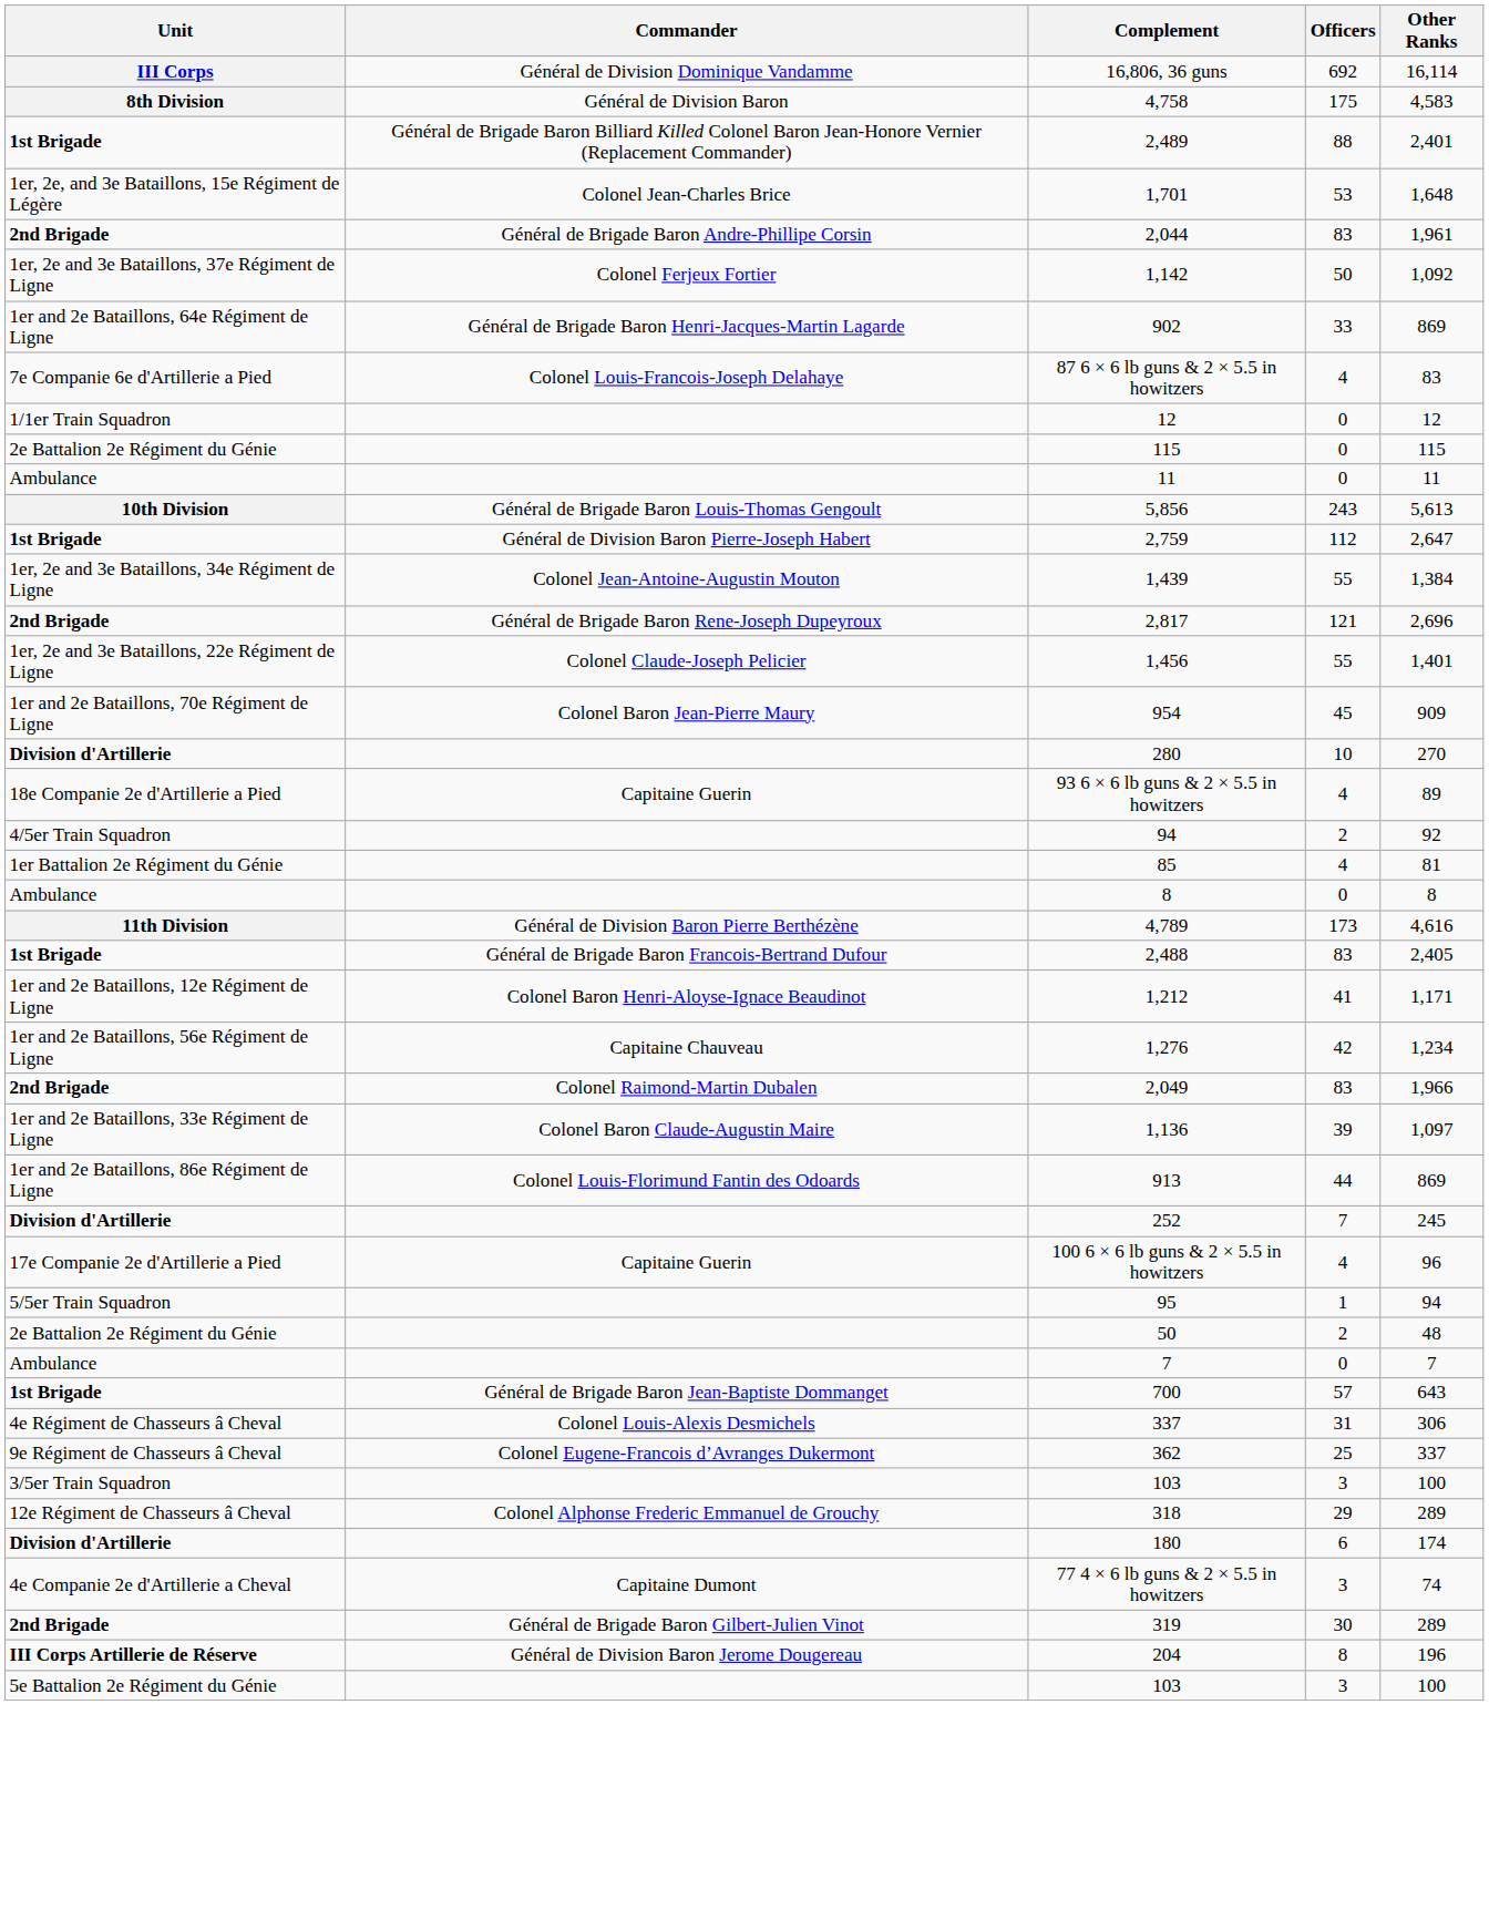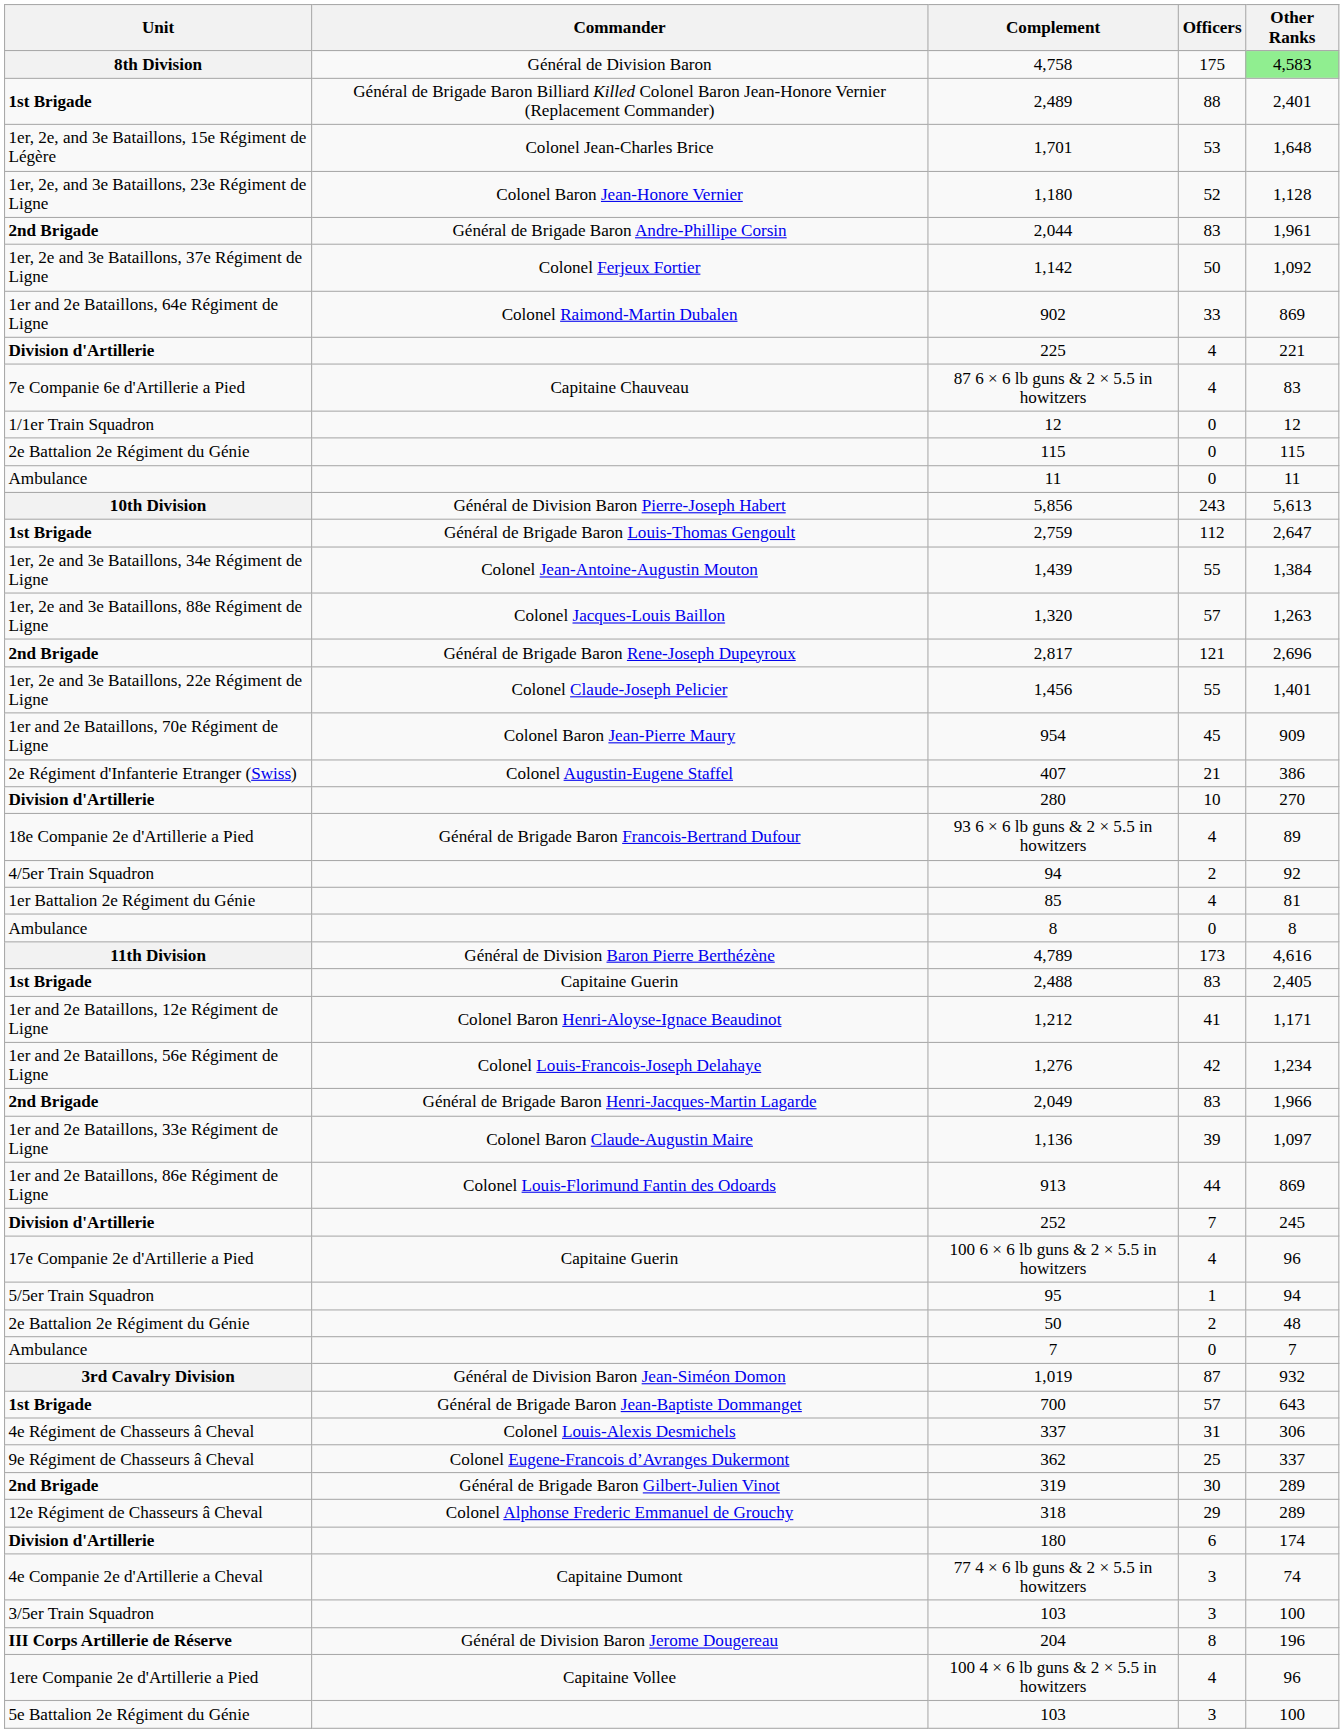 <table class="wikitable">
 <tr>
 <th>Unit</th>
 <th>Commander</th>
 <th>Complement</th>
 <th>Officers</th>
 <th>Other Ranks</th>
 </tr>
 <tr>
-<th colspan="1" bgcolor="#f9f9f9;"><a href='#'>III Corps</a></th>
-<td align="center">Général de Division <a href='#'>Dominique Vandamme</a></td>
-<td align="center">16,806, 36 guns</td>
-<td align="center">692</td>
-<td align="center">16,114</td>
-</tr>
-<tr>
 <th colspan="1" bgcolor="#f9f9f9;">8th Division</th>
 <td align="center">Général de Division Baron </td>
 <td align="center">4,758</td>
 <td align="center">175</td>
-<td align="center">4,583</td>
+<td align="center" style="background: lightgreen;">4,583</td>
 </tr>
 <tr>
 <td><strong>1st Brigade</strong></td>
 <td align="center">Général de Brigade Baron Billiard <em>Killed</em> Colonel Baron Jean-Honore Vernier (Replacement Commander)</td>
 <td align="center">2,489</td>
 <td align="center">88</td>
 <td align="center">2,401</td>
 </tr>
 <tr>
 <td>1er, 2e, and 3e Bataillons, 15e Régiment de Légère</td>
 <td align="center">Colonel Jean-Charles Brice</td>
 <td align="center">1,701</td>
 <td align="center">53</td>
 <td align="center">1,648</td>
+</tr>
+<tr>
+<td>1er, 2e, and 3e Bataillons, 23e Régiment de Ligne</td>
+<td align="center">Colonel Baron <a href='#'>Jean-Honore Vernier</a></td>
+<td align="center">1,180</td>
+<td align="center">52</td>
+<td align="center">1,128</td>
 </tr>
 <tr>
 <td><strong>2nd Brigade</strong></td>
 <td align="center">Général de Brigade Baron <a href='#'>Andre-Phillipe Corsin</a></td>
 <td align="center">2,044</td>
 <td align="center">83</td>
 <td align="center">1,961</td>
 </tr>
 <tr>
 <td>1er, 2e and 3e Bataillons, 37e Régiment de Ligne</td>
 <td align="center">Colonel <a href='#'>Ferjeux Fortier</a></td>
 <td align="center">1,142</td>
 <td align="center">50</td>
 <td align="center">1,092</td>
 </tr>
 <tr>
 <td>1er and 2e Bataillons, 64e Régiment de Ligne</td>
-<td align="center">Général de Brigade Baron <a href='#'>Henri-Jacques-Martin Lagarde</a></td>
+<td align="center">Colonel <a href='#'>Raimond-Martin Dubalen</a></td>
 <td align="center">902</td>
 <td align="center">33</td>
 <td align="center">869</td>
 </tr>
 <tr>
+<td><strong>Division d'Artillerie</strong></td>
+<td align="center"></td>
+<td align="center">225</td>
+<td align="center">4</td>
+<td align="center">221</td>
+</tr>
+<tr>
 <td>7e Companie 6e d'Artillerie a Pied</td>
-<td align="center">Colonel <a href='#'>Louis-Francois-Joseph Delahaye</a></td>
+<td align="center">Capitaine Chauveau</td>
 <td align="center">87 6 × 6 lb guns & 2 × 5.5 in howitzers</td>
 <td align="center">4</td>
 <td align="center">83</td>
 </tr>
 <tr>
 <td>1/1er Train Squadron</td>
 <td align="center"></td>
 <td align="center">12</td>
 <td align="center">0</td>
 <td align="center">12</td>
 </tr>
 <tr>
 <td>2e Battalion 2e Régiment du Génie</td>
 <td align="center"></td>
 <td align="center">115</td>
 <td align="center">0</td>
 <td align="center">115</td>
 </tr>
 <tr>
 <td>Ambulance</td>
 <td align="center"></td>
 <td align="center">11</td>
 <td align="center">0</td>
 <td align="center">11</td>
 </tr>
 <tr>
 <th colspan="1" bgcolor="#f9f9f9;">10th Division</th>
-<td align="center">Général de Brigade Baron <a href='#'>Louis-Thomas Gengoult</a></td>
+<td align="center">Général de Division Baron <a href='#'>Pierre-Joseph Habert</a></td>
 <td align="center">5,856</td>
 <td align="center">243</td>
 <td align="center">5,613</td>
 </tr>
 <tr>
 <td><strong>1st Brigade</strong></td>
-<td align="center">Général de Division Baron <a href='#'>Pierre-Joseph Habert</a></td>
+<td align="center">Général de Brigade Baron <a href='#'>Louis-Thomas Gengoult</a></td>
 <td align="center">2,759</td>
 <td align="center">112</td>
 <td align="center">2,647</td>
 </tr>
 <tr>
 <td>1er, 2e and 3e Bataillons, 34e Régiment de Ligne</td>
 <td align="center">Colonel <a href='#'>Jean-Antoine-Augustin Mouton</a></td>
 <td align="center">1,439</td>
 <td align="center">55</td>
 <td align="center">1,384</td>
+</tr>
+<tr>
+<td>1er, 2e and 3e Bataillons, 88e Régiment de Ligne</td>
+<td align="center">Colonel <a href='#'>Jacques-Louis Baillon</a></td>
+<td align="center">1,320</td>
+<td align="center">57</td>
+<td align="center">1,263</td>
 </tr>
 <tr>
 <td><strong>2nd Brigade</strong></td>
 <td align="center">Général de Brigade Baron <a href='#'>Rene-Joseph Dupeyroux</a></td>
 <td align="center">2,817</td>
 <td align="center">121</td>
 <td align="center">2,696</td>
 </tr>
 <tr>
 <td>1er, 2e and 3e Bataillons, 22e Régiment de Ligne</td>
 <td align="center">Colonel <a href='#'>Claude-Joseph Pelicier</a></td>
 <td align="center">1,456</td>
 <td align="center">55</td>
 <td align="center">1,401</td>
 </tr>
 <tr>
 <td>1er and 2e Bataillons, 70e Régiment de Ligne</td>
 <td align="center">Colonel Baron <a href='#'>Jean-Pierre Maury</a></td>
 <td align="center">954</td>
 <td align="center">45</td>
 <td align="center">909</td>
 </tr>
 <tr>
+<td>2e Régiment d'Infanterie Etranger (<a href='#'>Swiss</a>)</td>
+<td align="center">Colonel <a href='#'>Augustin-Eugene Staffel</a></td>
+<td align="center">407</td>
+<td align="center">21</td>
+<td align="center">386</td>
+</tr>
+<tr>
 <td><strong>Division d'Artillerie</strong></td>
 <td align="center"></td>
 <td align="center">280</td>
 <td align="center">10</td>
 <td align="center">270</td>
 </tr>
 <tr>
 <td>18e Companie 2e d'Artillerie a Pied</td>
-<td align="center">Capitaine Guerin</td>
+<td align="center">Général de Brigade Baron <a href='#'>Francois-Bertrand Dufour</a></td>
 <td align="center">93 6 × 6 lb guns & 2 × 5.5 in howitzers</td>
 <td align="center">4</td>
 <td align="center">89</td>
 </tr>
 <tr>
 <td>4/5er Train Squadron</td>
 <td align="center"></td>
 <td align="center">94</td>
 <td align="center">2</td>
 <td align="center">92</td>
 </tr>
 <tr>
 <td>1er Battalion 2e Régiment du Génie</td>
 <td align="center"></td>
 <td align="center">85</td>
 <td align="center">4</td>
 <td align="center">81</td>
 </tr>
 <tr>
 <td>Ambulance</td>
 <td align="center"></td>
 <td align="center">8</td>
 <td align="center">0</td>
 <td align="center">8</td>
 </tr>
 <tr>
 <th colspan="1" bgcolor="#f9f9f9;">11th Division</th>
 <td align="center">Général de Division <a href='#'>Baron Pierre Berthézène</a></td>
 <td align="center">4,789</td>
 <td align="center">173</td>
 <td align="center">4,616</td>
 </tr>
 <tr>
 <td><strong>1st Brigade</strong></td>
-<td align="center">Général de Brigade Baron <a href='#'>Francois-Bertrand Dufour</a></td>
+<td align="center">Capitaine Guerin</td>
 <td align="center">2,488</td>
 <td align="center">83</td>
 <td align="center">2,405</td>
 </tr>
 <tr>
 <td>1er and 2e Bataillons, 12e Régiment de Ligne</td>
 <td align="center">Colonel Baron <a href='#'>Henri-Aloyse-Ignace Beaudinot</a></td>
 <td align="center">1,212</td>
 <td align="center">41</td>
 <td align="center">1,171</td>
 </tr>
 <tr>
 <td>1er and 2e Bataillons, 56e Régiment de Ligne</td>
-<td align="center">Capitaine Chauveau</td>
+<td align="center">Colonel <a href='#'>Louis-Francois-Joseph Delahaye</a></td>
 <td align="center">1,276</td>
 <td align="center">42</td>
 <td align="center">1,234</td>
 </tr>
 <tr>
 <td><strong>2nd Brigade</strong></td>
-<td align="center">Colonel <a href='#'>Raimond-Martin Dubalen</a></td>
+<td align="center">Général de Brigade Baron <a href='#'>Henri-Jacques-Martin Lagarde</a></td>
 <td align="center">2,049</td>
 <td align="center">83</td>
 <td align="center">1,966</td>
 </tr>
 <tr>
 <td>1er and 2e Bataillons, 33e Régiment de Ligne</td>
 <td align="center">Colonel Baron <a href='#'>Claude-Augustin Maire</a></td>
 <td align="center">1,136</td>
 <td align="center">39</td>
 <td align="center">1,097</td>
 </tr>
 <tr>
 <td>1er and 2e Bataillons, 86e Régiment de Ligne</td>
 <td align="center">Colonel <a href='#'>Louis-Florimund Fantin des Odoards</a></td>
 <td align="center">913</td>
 <td align="center">44</td>
 <td align="center">869</td>
 </tr>
 <tr>
 <td><strong>Division d'Artillerie</strong></td>
 <td align="center"></td>
 <td align="center">252</td>
 <td align="center">7</td>
 <td align="center">245</td>
 </tr>
 <tr>
 <td>17e Companie 2e d'Artillerie a Pied</td>
 <td align="center">Capitaine Guerin</td>
 <td align="center">100 6 × 6 lb guns & 2 × 5.5 in howitzers</td>
 <td align="center">4</td>
 <td align="center">96</td>
 </tr>
 <tr>
 <td>5/5er Train Squadron</td>
 <td align="center"></td>
 <td align="center">95</td>
 <td align="center">1</td>
 <td align="center">94</td>
 </tr>
 <tr>
 <td>2e Battalion 2e Régiment du Génie</td>
 <td align="center"></td>
 <td align="center">50</td>
 <td align="center">2</td>
 <td align="center">48</td>
 </tr>
 <tr>
 <td>Ambulance</td>
 <td align="center"></td>
 <td align="center">7</td>
 <td align="center">0</td>
 <td align="center">7</td>
 </tr>
 <tr>
+<th colspan="1" bgcolor="#f9f9f9;">3rd Cavalry Division</th>
+<td align="center">Général de Division Baron <a href='#'>Jean-Siméon Domon</a></td>
+<td align="center">1,019</td>
+<td align="center">87</td>
+<td align="center">932</td>
+</tr>
+<tr>
 <td><strong>1st Brigade</strong></td>
 <td align="center">Général de Brigade Baron <a href='#'>Jean-Baptiste Dommanget</a></td>
 <td align="center">700</td>
 <td align="center">57</td>
 <td align="center">643</td>
 </tr>
 <tr>
 <td>4e Régiment de Chasseurs â Cheval</td>
 <td align="center">Colonel <a href='#'>Louis-Alexis Desmichels</a></td>
 <td align="center">337</td>
 <td align="center">31</td>
 <td align="center">306</td>
 </tr>
 <tr>
 <td>9e Régiment de Chasseurs â Cheval</td>
 <td align="center">Colonel <a href='#'>Eugene-Francois d’Avranges Dukermont</a></td>
 <td align="center">362</td>
 <td align="center">25</td>
 <td align="center">337</td>
 </tr>
 <tr>
-<td>3/5er Train Squadron</td>
-<td align="center"></td>
-<td align="center">103</td>
-<td align="center">3</td>
-<td align="center">100</td>
+<td><strong>2nd Brigade</strong></td>
+<td align="center">Général de Brigade Baron <a href='#'>Gilbert-Julien Vinot</a></td>
+<td align="center">319</td>
+<td align="center">30</td>
+<td align="center">289</td>
 </tr>
 <tr>
 <td>12e Régiment de Chasseurs â Cheval</td>
 <td align="center">Colonel <a href='#'>Alphonse Frederic Emmanuel de Grouchy</a></td>
 <td align="center">318</td>
 <td align="center">29</td>
 <td align="center">289</td>
 </tr>
 <tr>
 <td><strong>Division d'Artillerie</strong></td>
 <td align="center"></td>
 <td align="center">180</td>
 <td align="center">6</td>
 <td align="center">174</td>
 </tr>
 <tr>
 <td>4e Companie 2e d'Artillerie a Cheval</td>
 <td align="center">Capitaine Dumont</td>
 <td align="center">77 4 × 6 lb guns & 2 × 5.5 in howitzers</td>
 <td align="center">3</td>
 <td align="center">74</td>
 </tr>
 <tr>
-<td><strong>2nd Brigade</strong></td>
-<td align="center">Général de Brigade Baron <a href='#'>Gilbert-Julien Vinot</a></td>
-<td align="center">319</td>
-<td align="center">30</td>
-<td align="center">289</td>
+<td>3/5er Train Squadron</td>
+<td align="center"></td>
+<td align="center">103</td>
+<td align="center">3</td>
+<td align="center">100</td>
 </tr>
 <tr>
 <td><strong>III Corps Artillerie de Réserve</strong></td>
 <td align="center">Général de Division Baron <a href='#'>Jerome Dougereau</a></td>
 <td align="center">204</td>
 <td align="center">8</td>
 <td align="center">196</td>
 </tr>
 <tr>
+<td>1ere Companie 2e d'Artillerie a Pied</td>
+<td align="center">Capitaine Vollee</td>
+<td align="center">100 4 × 6 lb guns & 2 × 5.5 in howitzers</td>
+<td align="center">4</td>
+<td align="center">96</td>
+</tr>
+<tr>
 <td>5e Battalion 2e Régiment du Génie</td>
 <td align="center"></td>
 <td align="center">103</td>
 <td align="center">3</td>
 <td align="center">100</td>
 </tr>
 </table>
